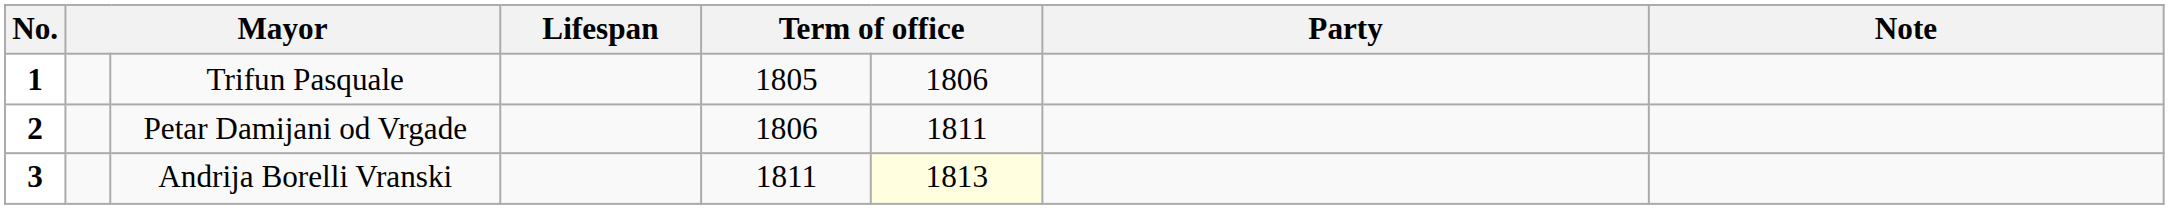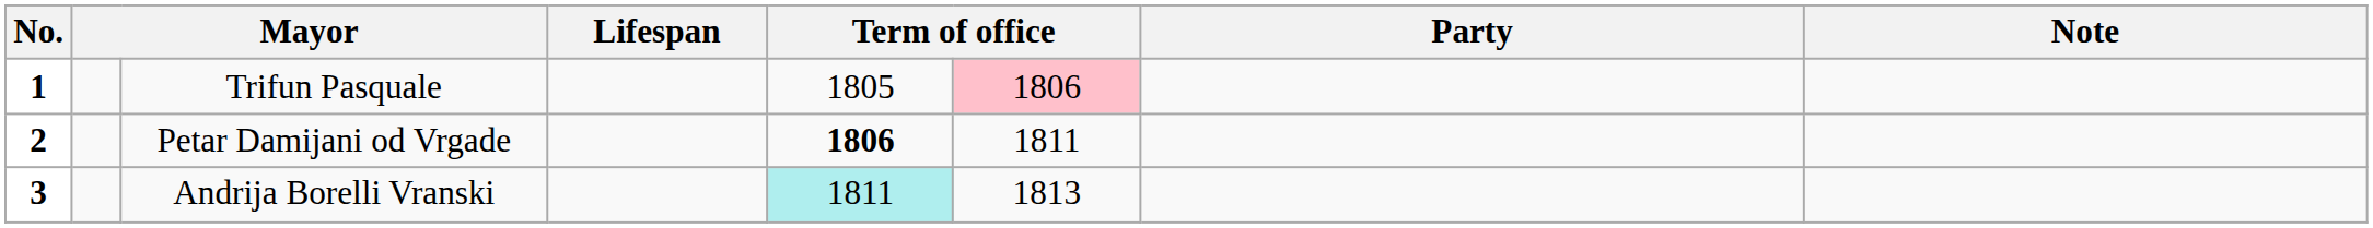 <table class="wikitable" style="text-align:center;">
 <tr>
 <th>No.</th>
 <th colspan=2>Mayor</th>
 <th>Lifespan</th>
 <th colspan=2>Term of office</th>
 <th>Party</th>
 <th>Note</th>
 </tr>
 <tr>
 <td style="background: white; width:1em"><strong>1</strong></td>
 <td style="width:1em;"></td>
 <td style="width:12em;">Trifun Pasquale</td>
 <td style="width:6em;"></td>
 <td style="width:5em;"><small></small>1805</td>
-<td style="width:5em;"><small></small>1806</td>
+<td style="background: pink; width:5em;"><small></small>1806</td>
 <td style="width:19em;"></td>
 <td style="width:16em;"></td>
 </tr>
 <tr>
 <td style="background: white; width:1em"><strong>2</strong></td>
 <td style="width:1em;"></td>
 <td style="width:12em;">Petar Damijani od Vrgade</td>
 <td style="width:6em;"></td>
-<td style="width:5em;"><small></small>1806</td>
+<td style="width:5em;"><strong><small></small>1806</strong></td>
 <td style="width:5em;"><small></small>1811</td>
 <td style="width:19em;"></td>
 <td style="width:16em;"></td>
 </tr>
 <tr>
 <td style="background: white; width:1em"><strong>3</strong></td>
 <td style="width:1em;"></td>
 <td style="width:12em;">Andrija Borelli Vranski</td>
 <td style="width:6em;"></td>
-<td style="width:5em;"><small></small>1811</td>
-<td style="background: lightyellow; width:5em;"><small></small>1813</td>
+<td style="background: paleturquoise; width:5em;"><small></small>1811</td>
+<td style="width:5em;"><small></small>1813</td>
 <td style="width:19em;"></td>
 <td style="width:16em;"></td>
 </tr>
 </table>
